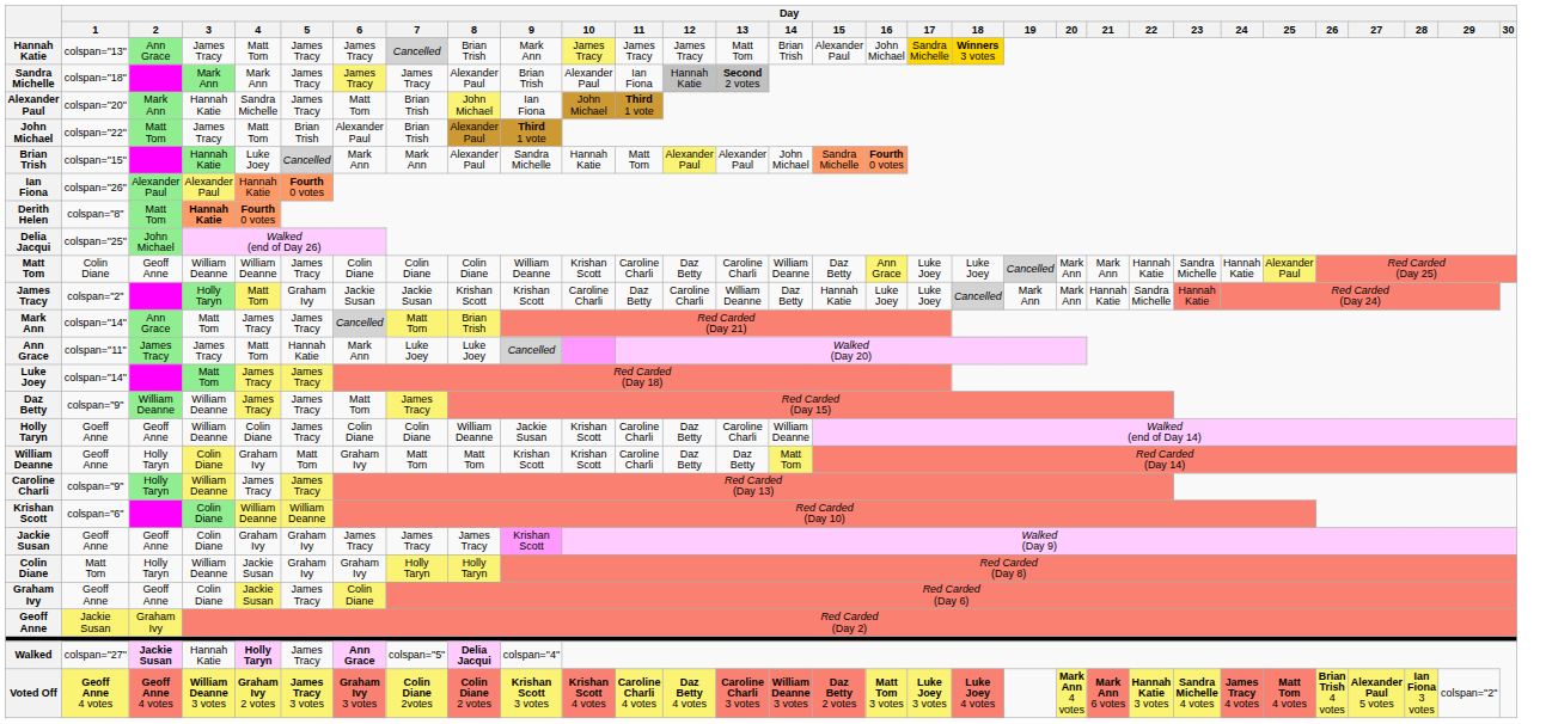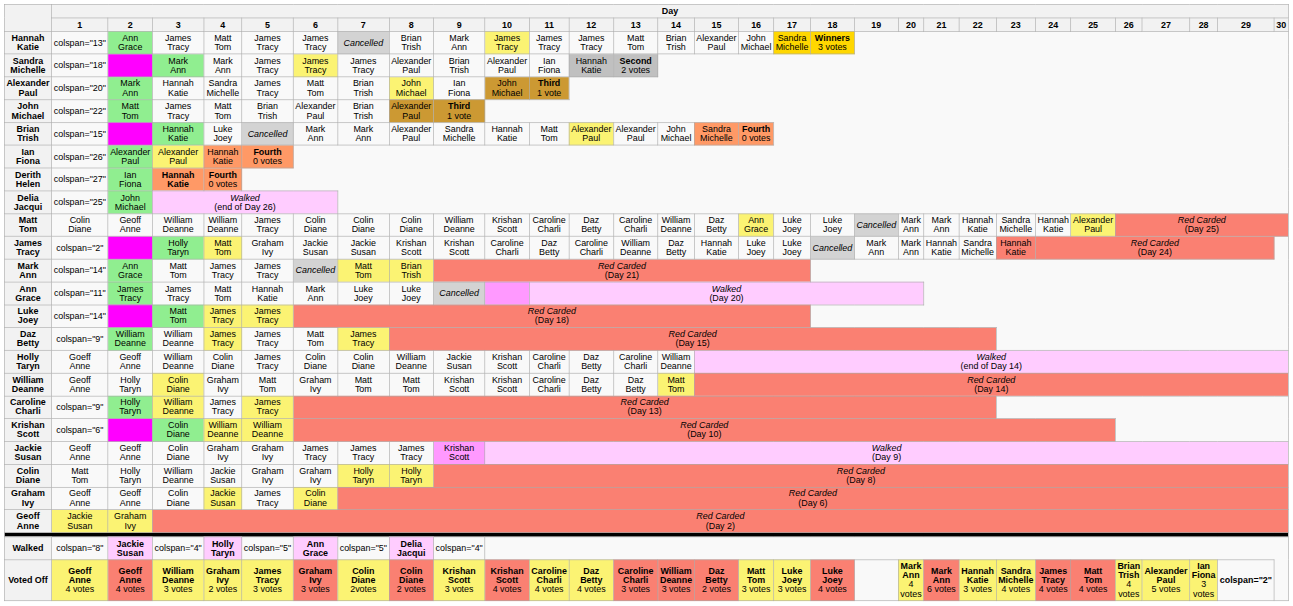 <table class="wikitable" style="text-align:center; font-size:90%; line-height:15px;">
 <tr>
 <th style="width: 7%;" rowspan="2"></th>
 <th colspan=30>Day</th>
 </tr>
 <tr>
 <th style="width: 7%;">1</th>
 <th style="width: 7%;">2</th>
 <th style="width: 7%;">3</th>
 <th style="width: 7%;">4</th>
 <th style="width: 7%;">5</th>
 <th style="width: 7%;">6</th>
 <th style="width: 7%;">7</th>
 <th style="width: 7%;">8</th>
 <th style="width: 7%;">9</th>
 <th style="width: 7%;">10</th>
 <th style="width: 7%;">11</th>
 <th style="width: 7%;">12</th>
 <th style="width: 7%;">13</th>
 <th style="width: 7%;">14</th>
 <th style="width: 7%;">15</th>
 <th style="width: 7%;">16</th>
 <th style="width: 7%;">17</th>
 <th style="width: 7%;">18</th>
 <th style="width: 7%;">19</th>
 <th style="width: 7%;">20</th>
 <th style="width: 7%;">21</th>
 <th style="width: 7%;">22</th>
 <th style="width: 7%;">23</th>
 <th style="width: 7%;">24</th>
 <th style="width: 7%;">25</th>
 <th style="width: 7%;">26</th>
 <th style="width: 7%;">27</th>
 <th style="width: 7%;">28</th>
 <th style="width: 7%;">29</th>
 <th style="width: 7%;">30</th>
 </tr>
 <tr>
 <th>Hannah<br>Katie</th>
 <td>colspan="13" </td>
 <td style="background:lightgreen">Ann<br>Grace</td>
 <td>James<br>Tracy</td>
 <td>Matt<br>Tom</td>
 <td>James<br>Tracy</td>
 <td>James<br>Tracy</td>
 <td style="background:lightgrey;"><em>Cancelled</em></td>
 <td>Brian<br>Trish</td>
 <td>Mark<br>Ann</td>
 <td style="background:#fbf373">James<br>Tracy</td>
 <td>James<br>Tracy</td>
 <td>James<br>Tracy</td>
 <td>Matt<br>Tom</td>
 <td>Brian<br>Trish</td>
 <td>Alexander<br>Paul</td>
 <td>John<br>Michael</td>
 <td style="background:gold">Sandra<br>Michelle</td>
 <td style="background:gold"><strong>Winners</strong><br>3 votes</td>
 </tr>
 <tr>
 <th>Sandra<br>Michelle</th>
 <td>colspan="18" </td>
 <td style="background:#ff00ff;"></td>
 <td style="background:lightgreen">Mark<br>Ann</td>
 <td>Mark<br>Ann</td>
 <td>James<br>Tracy</td>
 <td style="background:#fbf373">James<br>Tracy</td>
 <td>James<br>Tracy</td>
 <td>Alexander<br>Paul</td>
 <td>Brian<br>Trish</td>
 <td>Alexander<br>Paul</td>
 <td>Ian<br>Fiona</td>
 <td style="background:silver">Hannah<br>Katie</td>
 <td style="background:silver"><strong>Second</strong><br>2 votes</td>
 </tr>
 <tr>
 <th>Alexander<br>Paul</th>
 <td>colspan="20" </td>
 <td bgcolor="lightgreen">Mark<br>Ann</td>
 <td>Hannah<br>Katie</td>
 <td>Sandra<br>Michelle</td>
 <td>James<br>Tracy</td>
 <td>Matt<br>Tom</td>
 <td>Brian<br>Trish</td>
 <td bgcolor="#fbf373">John<br>Michael</td>
 <td>Ian<br>Fiona</td>
 <td bgcolor=#cc9933>John<br>Michael</td>
 <td bgcolor=#cc9933><strong>Third</strong><br>1 vote</td>
 </tr>
 <tr>
 <th>John<br>Michael</th>
 <td>colspan="22" </td>
 <td bgcolor="lightgreen">Matt<br>Tom</td>
 <td>James<br>Tracy</td>
 <td>Matt<br>Tom</td>
 <td>Brian<br>Trish</td>
 <td>Alexander<br>Paul</td>
 <td>Brian<br>Trish</td>
 <td bgcolor=#cc9933>Alexander<br>Paul</td>
 <td bgcolor=#cc9933><strong>Third</strong><br>1 vote</td>
 </tr>
 <tr>
 <th>Brian<br>Trish</th>
 <td>colspan="15" </td>
 <td style="background:#ff00ff;"></td>
 <td bgcolor="lightgreen">Hannah<br>Katie</td>
 <td>Luke<br>Joey</td>
 <td style="background:lightgrey;"><em>Cancelled</em></td>
 <td>Mark<br>Ann</td>
 <td>Mark<br>Ann</td>
 <td>Alexander<br>Paul</td>
 <td>Sandra<br>Michelle</td>
 <td>Hannah<br>Katie</td>
 <td>Matt<br>Tom</td>
 <td bgcolor="#fbf373">Alexander<br>Paul</td>
 <td>Alexander<br>Paul</td>
 <td>John<br>Michael</td>
 <td bgcolor="#ff9966">Sandra<br>Michelle</td>
 <td bgcolor="#ff9966"><strong>Fourth</strong><br>0 votes</td>
 </tr>
 <tr>
 <th>Ian<br>Fiona</th>
 <td>colspan="26" </td>
 <td bgcolor="lightgreen">Alexander<br>Paul</td>
 <td bgcolor="#fbf373">Alexander<br>Paul</td>
 <td bgcolor="#ff9966">Hannah<br>Katie</td>
 <td bgcolor="#ff9966"><strong>Fourth</strong><br>0 votes</td>
 </tr>
 <tr>
 <th>Derith<br>Helen</th>
-<td>colspan="8" </td>
-<td bgcolor="lightgreen">Matt<br>Tom</td>
+<td>colspan="27" </td>
+<td bgcolor="lightgreen">Ian<br>Fiona</td>
 <td bgcolor="#ff9966"><strong>Hannah<br>Katie</strong></td>
 <td bgcolor="#ff9966"><strong>Fourth</strong><br>0 votes</td>
 </tr>
 <tr>
 <th>Delia<br>Jacqui</th>
 <td>colspan="25" </td>
 <td bgcolor="lightgreen">John<br>Michael </td>
 <td colspan="4" bgcolor="#ffccff"><em>Walked</em><br>(end of Day 26)</td>
 </tr>
 <tr>
 <th>Matt<br>Tom</th>
 <td>Colin<br>Diane</td>
 <td>Geoff<br>Anne</td>
 <td>William<br>Deanne</td>
 <td>William<br>Deanne</td>
 <td>James<br>Tracy</td>
 <td>Colin<br>Diane</td>
 <td>Colin<br>Diane</td>
 <td>Colin<br>Diane</td>
 <td>William<br>Deanne</td>
 <td>Krishan<br>Scott</td>
 <td>Caroline<br>Charli</td>
 <td>Daz<br>Betty</td>
 <td>Caroline<br>Charli</td>
 <td>William<br>Deanne</td>
 <td>Daz<br>Betty</td>
 <td bgcolor="#fbf373">Ann<br>Grace</td>
 <td>Luke<br>Joey</td>
 <td>Luke<br>Joey</td>
 <td style="background:lightgrey;"><em>Cancelled</em></td>
 <td>Mark<br>Ann</td>
 <td>Mark<br>Ann</td>
 <td>Hannah<br>Katie</td>
 <td>Sandra<br>Michelle</td>
 <td>Hannah<br>Katie</td>
 <td bgcolor="#fbf373">Alexander<br>Paul</td>
 <td colspan="5" bgcolor="#fa8072"><em>Red Carded</em><br>(Day 25)</td>
 </tr>
 <tr>
 <th>James<br>Tracy</th>
 <td>colspan="2" </td>
 <td style="background:#ff00ff;"></td>
 <td bgcolor="lightgreen">Holly<br>Taryn</td>
 <td bgcolor="#fbf373">Matt<br>Tom</td>
 <td>Graham<br>Ivy</td>
 <td>Jackie<br>Susan</td>
 <td>Jackie<br>Susan</td>
 <td>Krishan<br>Scott</td>
 <td>Krishan<br>Scott</td>
 <td>Caroline<br>Charli</td>
 <td>Daz<br>Betty</td>
 <td>Caroline<br>Charli</td>
 <td>William<br>Deanne</td>
 <td>Daz<br>Betty</td>
 <td>Hannah<br>Katie</td>
 <td>Luke<br>Joey</td>
 <td>Luke<br>Joey</td>
 <td style="background:lightgrey;"><em>Cancelled</em></td>
 <td>Mark<br>Ann</td>
 <td>Mark<br>Ann</td>
 <td>Hannah<br>Katie</td>
 <td>Sandra<br>Michelle</td>
 <td bgcolor="#fa8072">Hannah<br>Katie </td>
 <td colspan="6" bgcolor="#fa8072"><em>Red Carded</em><br>(Day 24)</td>
 </tr>
 <tr>
 <th>Mark<br>Ann</th>
 <td>colspan="14" </td>
 <td bgcolor="lightgreen">Ann<br>Grace</td>
 <td>Matt<br>Tom</td>
 <td>James<br>Tracy</td>
 <td>James<br>Tracy</td>
 <td style="background:lightgrey;"><em>Cancelled</em></td>
 <td bgcolor="#fbf373">Matt<br>Tom</td>
 <td bgcolor="#fbf373">Brian<br>Trish</td>
 <td colspan="9" bgcolor="#fa8072"><em>Red Carded</em><br>(Day 21)</td>
 </tr>
 <tr>
 <th>Ann<br>Grace</th>
 <td>colspan="11" </td>
 <td bgcolor="lightgreen">James<br>Tracy</td>
 <td>James<br>Tracy</td>
 <td>Matt<br>Tom</td>
 <td>Hannah<br>Katie</td>
 <td>Mark<br>Ann</td>
 <td>Luke<br>Joey</td>
 <td>Luke<br>Joey</td>
 <td style="background:lightgrey;"><em>Cancelled</em></td>
 <td style="background:#ff99ff;"></td>
 <td colspan="10" bgcolor="#ffccff"><em>Walked</em><br>(Day 20)</td>
 </tr>
 <tr>
 <th>Luke<br>Joey</th>
 <td>colspan="14" </td>
 <td style="background:#ff00ff;"></td>
 <td bgcolor="lightgreen">Matt<br>Tom</td>
 <td bgcolor="#fbf373">James<br>Tracy</td>
 <td bgcolor="#fbf373">James<br>Tracy</td>
 <td colspan="12" bgcolor="#fa8072"><em>Red Carded</em><br>(Day 18)</td>
 </tr>
 <tr>
 <th>Daz<br>Betty</th>
 <td>colspan="9" </td>
 <td bgcolor="lightgreen">William<br>Deanne</td>
 <td>William<br>Deanne</td>
 <td bgcolor="#fbf373">James<br>Tracy</td>
 <td>James<br>Tracy</td>
 <td>Matt<br>Tom</td>
 <td bgcolor="#fbf373">James<br>Tracy</td>
 <td colspan="15" bgcolor="#fa8072"><em>Red Carded</em><br>(Day 15)</td>
 </tr>
 <tr>
 <th>Holly<br>Taryn</th>
 <td>Goeff<br>Anne</td>
 <td>Geoff<br>Anne</td>
 <td>William<br>Deanne</td>
 <td>Colin<br>Diane</td>
 <td>James<br>Tracy</td>
 <td>Colin<br>Diane</td>
 <td>Colin<br>Diane</td>
 <td>William<br>Deanne</td>
 <td>Jackie<br>Susan</td>
 <td>Krishan<br>Scott</td>
 <td>Caroline<br>Charli</td>
 <td>Daz<br>Betty</td>
 <td>Caroline<br>Charli</td>
 <td>William<br>Deanne</td>
 <td colspan="16" bgcolor="#ffccff"><em>Walked</em><br>(end of Day 14)</td>
 </tr>
 <tr>
 <th>William<br>Deanne</th>
 <td>Geoff<br>Anne</td>
 <td>Holly<br>Taryn</td>
 <td bgcolor="#fbf373">Colin<br>Diane</td>
 <td>Graham<br>Ivy</td>
 <td>Matt<br>Tom</td>
 <td>Graham<br>Ivy</td>
 <td>Matt<br>Tom</td>
 <td>Matt<br>Tom</td>
 <td>Krishan<br>Scott</td>
 <td>Krishan<br>Scott</td>
 <td>Caroline<br>Charli</td>
 <td>Daz<br>Betty</td>
 <td>Daz<br>Betty</td>
 <td bgcolor="#fbf373">Matt<br>Tom</td>
 <td colspan="16" bgcolor="#fa8072"><em>Red Carded</em><br>(Day 14)</td>
 </tr>
 <tr>
 <th>Caroline<br>Charli</th>
 <td>colspan="9" </td>
 <td bgcolor="lightgreen">Holly<br>Taryn</td>
 <td bgcolor="#fbf373">William<br>Deanne</td>
 <td>James<br>Tracy</td>
 <td bgcolor="#fbf373">James<br>Tracy</td>
 <td colspan="17" bgcolor="#fa8072"><em>Red Carded</em><br>(Day 13)</td>
 </tr>
 <tr>
 <th>Krishan<br>Scott</th>
 <td>colspan="6" </td>
 <td style="background:#ff00ff;"></td>
 <td bgcolor="lightgreen">Colin<br>Diane</td>
 <td bgcolor="#fbf373">William<br>Deanne</td>
 <td bgcolor="#fbf373">William<br>Deanne</td>
 <td colspan="20" bgcolor="#fa8072"><em>Red Carded</em><br>(Day 10)</td>
 </tr>
 <tr>
 <th>Jackie<br>Susan</th>
 <td>Geoff<br>Anne</td>
 <td>Geoff<br>Anne</td>
 <td>Colin<br>Diane</td>
 <td>Graham<br>Ivy</td>
 <td>Graham<br>Ivy</td>
 <td>James<br>Tracy</td>
 <td>James<br>Tracy</td>
 <td>James<br>Tracy</td>
 <td style="background:#ff99ff;">Krishan<br>Scott</td>
 <td colspan="21" bgcolor="#ffccff"><em>Walked</em><br>(Day 9)</td>
 </tr>
 <tr>
 <th>Colin<br>Diane</th>
 <td>Matt<br>Tom</td>
 <td>Holly<br>Taryn</td>
 <td>William<br>Deanne</td>
 <td>Jackie<br>Susan</td>
 <td>Graham<br>Ivy</td>
 <td>Graham<br>Ivy</td>
 <td bgcolor="#fbf373">Holly<br>Taryn</td>
 <td bgcolor="#fbf373">Holly<br>Taryn</td>
 <td colspan="22" bgcolor="#fa8072"><em>Red Carded</em><br>(Day 8)</td>
 </tr>
 <tr>
 <th>Graham<br>Ivy</th>
 <td>Geoff<br>Anne</td>
 <td>Geoff<br>Anne</td>
 <td>Colin<br>Diane</td>
 <td bgcolor="#fbf373">Jackie<br>Susan</td>
 <td>James<br>Tracy</td>
 <td bgcolor="#fbf373">Colin<br>Diane</td>
 <td colspan="24" bgcolor="#fa8072"><em>Red Carded</em><br>(Day 6)</td>
 </tr>
 <tr>
 <th>Geoff<br>Anne</th>
 <td bgcolor="#fbf373">Jackie<br>Susan</td>
 <td bgcolor="#fbf373">Graham<br>Ivy</td>
 <td colspan="28" bgcolor="#fa8072"><em>Red Carded</em><br>(Day 2)</td>
 </tr>
 <tr>
 <th style="background:black;" colspan="31"></th>
 </tr>
 <tr>
 <th>Walked</th>
-<td>colspan="27" </td>
+<td>colspan="8" </td>
 <td bgcolor="#ffccff"><strong>Jackie<br>Susan</strong></td>
-<td>Hannah<br>Katie</td>
+<td>colspan="4" </td>
 <td bgcolor="#ffccff"><strong>Holly<br>Taryn</strong></td>
-<td>James<br>Tracy</td>
+<td>colspan="5" </td>
 <td bgcolor="#ffccff"><strong>Ann<br>Grace</strong></td>
 <td>colspan="5" </td>
 <td bgcolor="#ffccff"><strong>Delia<br>Jacqui</strong></td>
 <td>colspan="4" </td>
 </tr>
 <tr>
 <th>Voted Off</th>
 <td bgcolor="#fbf373"><strong>Geoff<br>Anne</strong><br>4 votes</td>
 <td bgcolor="#fa8072"><strong>Geoff<br>Anne</strong><br>4 votes</td>
 <td bgcolor="#fbf373"><strong>William<br>Deanne</strong><br>3 votes</td>
 <td bgcolor="#fbf373"><strong>Graham<br>Ivy</strong><br>2 votes</td>
 <td bgcolor="#fbf373"><strong>James<br>Tracy</strong><br>3 votes</td>
 <td bgcolor="#fa8072"><strong>Graham<br>Ivy</strong><br>3 votes</td>
 <td bgcolor="#fbf373"><strong>Colin<br>Diane</strong><br>2votes</td>
 <td bgcolor="#fa8072"><strong>Colin<br>Diane</strong><br>2 votes</td>
 <td bgcolor="#fbf373"><strong>Krishan<br>Scott</strong><br>3 votes</td>
 <td bgcolor="#fa8072"><strong>Krishan<br>Scott</strong><br>4 votes</td>
 <td bgcolor="#fbf373"><strong>Caroline<br>Charli</strong><br>4 votes</td>
 <td bgcolor="#fbf373"><strong>Daz<br>Betty</strong><br>4 votes</td>
 <td bgcolor="#fa8072"><strong>Caroline<br>Charli</strong><br>3 votes</td>
 <td bgcolor="#fa8072"><strong>William<br>Deanne</strong><br>3 votes</td>
 <td bgcolor="#fa8072"><strong>Daz<br>Betty</strong><br>2 votes</td>
 <td bgcolor="#fbf373"><strong>Matt<br>Tom</strong><br>3 votes</td>
 <td bgcolor="#fbf373"><strong>Luke<br>Joey</strong><br>3 votes</td>
 <td bgcolor="#fa8072"><strong>Luke<br>Joey</strong><br>4 votes</td>
 <td></td>
 <td bgcolor="#fbf373"><strong>Mark<br>Ann</strong><br>4 votes</td>
 <td bgcolor="#fa8072"><strong>Mark<br>Ann</strong><br>6 votes</td>
 <td bgcolor="#fbf373"><strong>Hannah<br>Katie</strong><br>3 votes</td>
 <td bgcolor="#fbf373"><strong>Sandra<br>Michelle</strong><br>4 votes</td>
 <td bgcolor="#fa8072"><strong>James<br>Tracy</strong><br>4 votes</td>
 <td bgcolor="#fa8072"><strong>Matt<br>Tom</strong><br>4 votes</td>
 <td bgcolor="#fbf373"><strong>Brian<br>Trish</strong><br>4 votes</td>
 <td bgcolor="#fbf373"><strong>Alexander<br>Paul</strong><br>5 votes</td>
 <td bgcolor="#fbf373"><strong>Ian<br>Fiona</strong><br>3 votes</td>
-<td>colspan="2" </td>
+<td><strong>colspan="2" </strong></td>
 </tr>
 </table>
